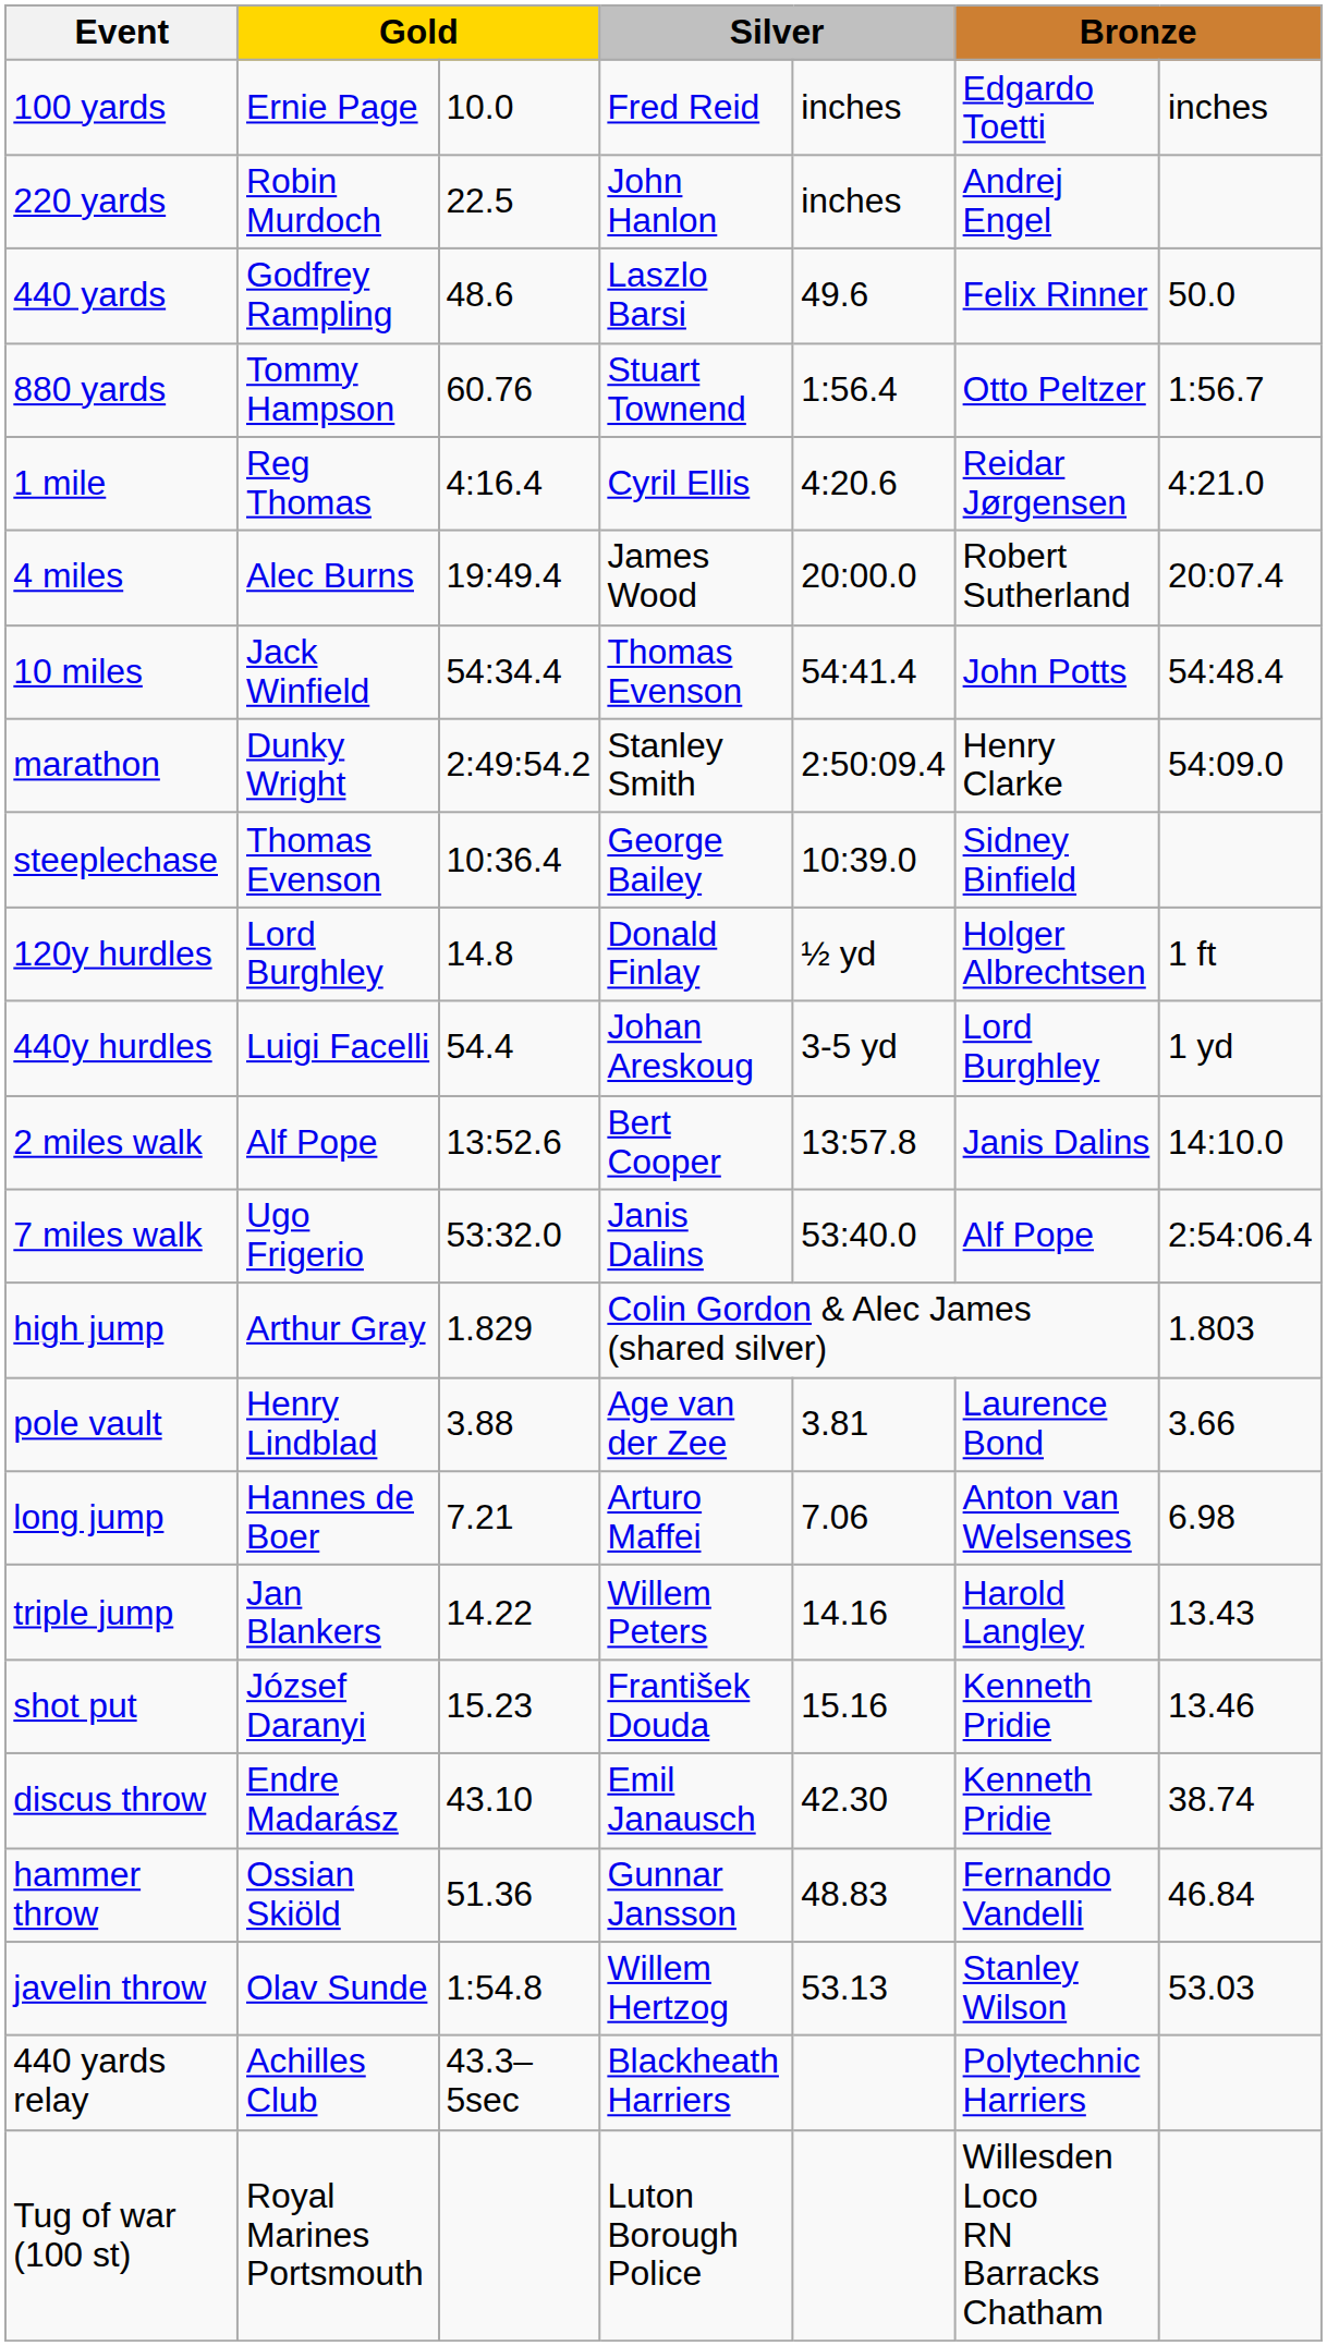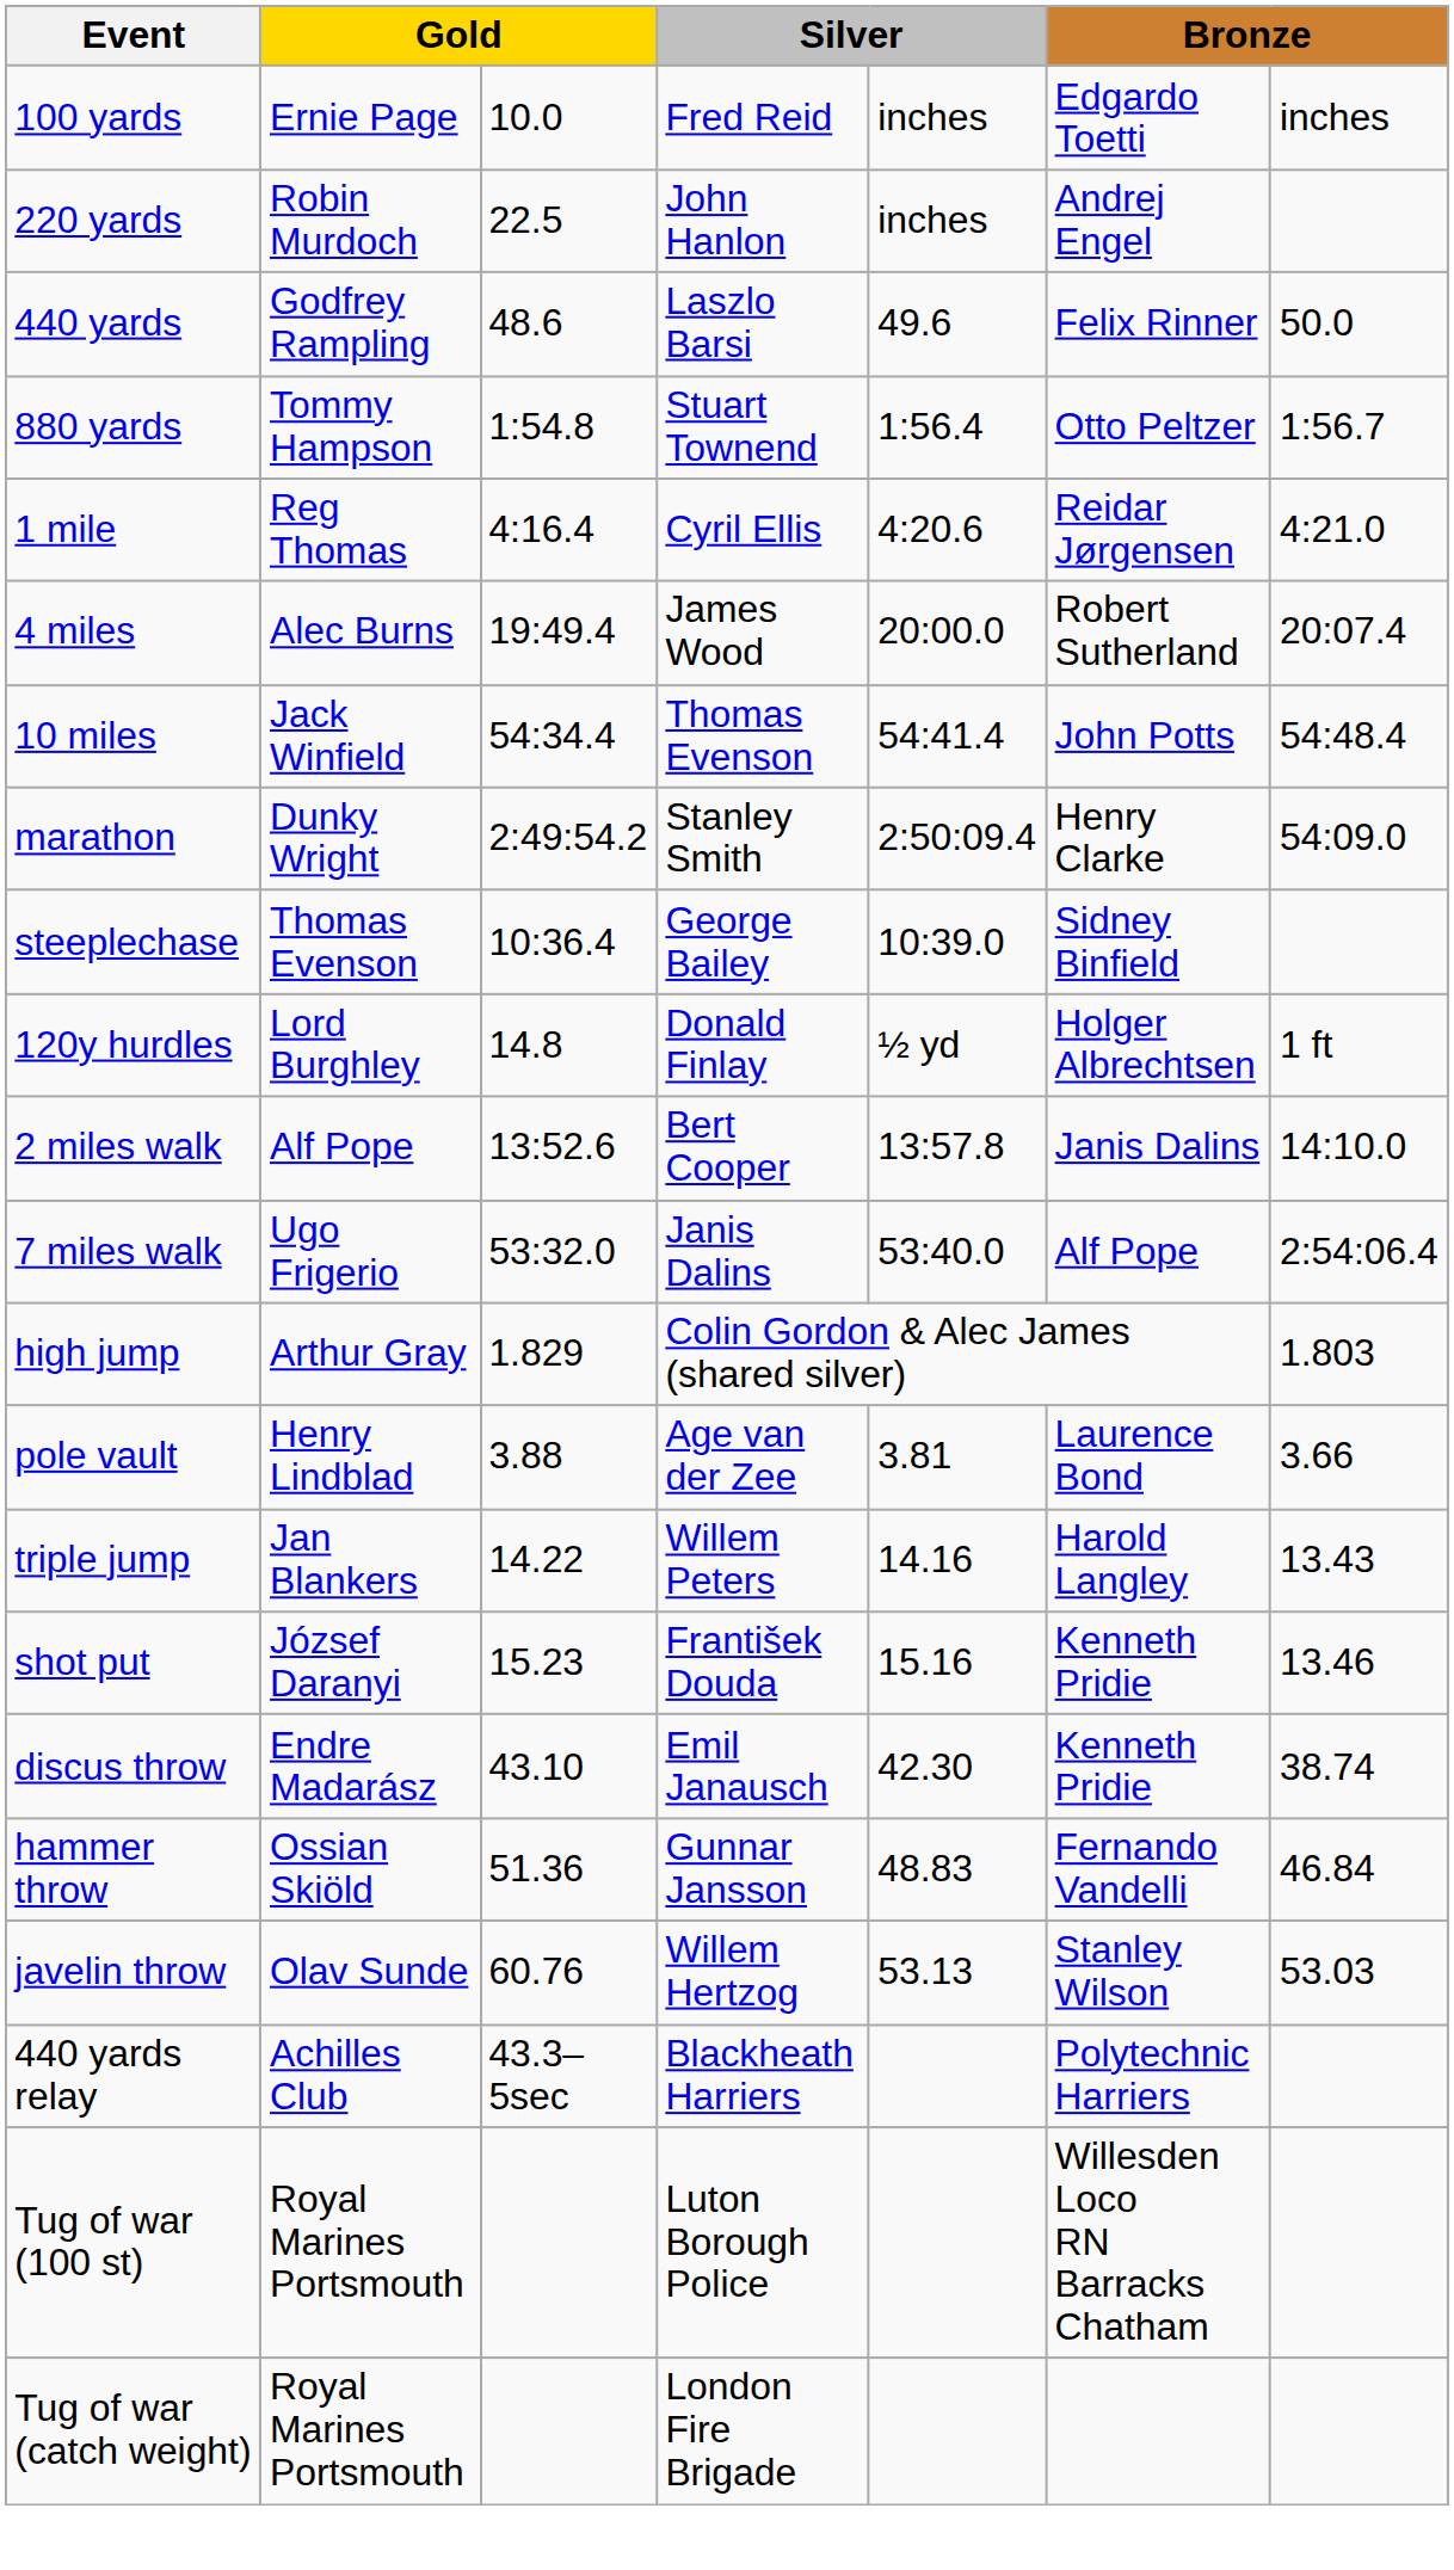 <table class="wikitable" style="text-align:left">
 <tr>
 <th width=100>Event</th>
 <th colspan="2" width="280" style="background:gold;">Gold</th>
 <th colspan="2" width="280" style="background:silver;">Silver</th>
 <th colspan="2" width="280" style="background:#CD7F32;">Bronze</th>
 </tr>
 <tr>
 <td><a href='#'>100 yards</a></td>
 <td><a href='#'>Ernie Page</a></td>
 <td>10.0</td>
 <td> <a href='#'>Fred Reid</a></td>
 <td>inches</td>
 <td> <a href='#'>Edgardo Toetti</a></td>
 <td>inches</td>
 </tr>
 <tr>
 <td><a href='#'>220 yards</a></td>
 <td> <a href='#'>Robin Murdoch</a></td>
 <td>22.5</td>
 <td><a href='#'>John Hanlon</a></td>
 <td>inches</td>
 <td> <a href='#'>Andrej Engel</a></td>
 <td></td>
 </tr>
 <tr>
 <td><a href='#'>440 yards</a></td>
 <td><a href='#'>Godfrey Rampling</a></td>
 <td>48.6</td>
 <td> <a href='#'>Laszlo Barsi</a></td>
 <td>49.6</td>
 <td> <a href='#'>Felix Rinner</a></td>
 <td>50.0</td>
 </tr>
 <tr>
 <td><a href='#'>880 yards</a></td>
 <td><a href='#'>Tommy Hampson</a></td>
-<td>60.76</td>
+<td>1:54.8</td>
 <td><a href='#'>Stuart Townend</a></td>
 <td>1:56.4</td>
 <td> <a href='#'>Otto Peltzer</a></td>
 <td>1:56.7</td>
 </tr>
 <tr>
 <td><a href='#'>1 mile</a></td>
 <td> <a href='#'>Reg Thomas</a></td>
 <td>4:16.4</td>
 <td><a href='#'>Cyril Ellis</a></td>
 <td>4:20.6</td>
 <td> <a href='#'>Reidar Jørgensen</a></td>
 <td>4:21.0</td>
 </tr>
 <tr>
 <td><a href='#'>4 miles</a></td>
 <td><a href='#'>Alec Burns</a></td>
 <td>19:49.4</td>
 <td> James Wood</td>
 <td>20:00.0</td>
 <td> Robert Sutherland</td>
 <td>20:07.4</td>
 </tr>
 <tr>
 <td><a href='#'>10 miles</a></td>
 <td><a href='#'>Jack Winfield</a></td>
 <td>54:34.4</td>
 <td><a href='#'>Thomas Evenson</a></td>
 <td>54:41.4</td>
 <td><a href='#'>John Potts</a></td>
 <td>54:48.4</td>
 </tr>
 <tr>
 <td><a href='#'>marathon</a></td>
 <td> <a href='#'>Dunky Wright</a></td>
 <td>2:49:54.2</td>
 <td>Stanley Smith</td>
 <td>2:50:09.4</td>
 <td>Henry Clarke</td>
 <td>54:09.0</td>
 </tr>
 <tr>
 <td><a href='#'>steeplechase</a></td>
 <td><a href='#'>Thomas Evenson</a></td>
 <td>10:36.4</td>
 <td><a href='#'>George Bailey</a></td>
 <td>10:39.0</td>
 <td><a href='#'>Sidney Binfield</a></td>
 <td></td>
 </tr>
 <tr>
 <td><a href='#'>120y hurdles</a></td>
 <td><a href='#'>Lord Burghley</a></td>
 <td>14.8</td>
 <td><a href='#'>Donald Finlay</a></td>
 <td>½ yd</td>
 <td> <a href='#'>Holger Albrechtsen</a></td>
 <td>1 ft</td>
 </tr>
 <tr>
-<td><a href='#'>440y hurdles</a></td>
-<td> <a href='#'>Luigi Facelli</a></td>
-<td>54.4</td>
-<td> <a href='#'>Johan Areskoug</a></td>
-<td>3-5 yd</td>
-<td><a href='#'>Lord Burghley</a></td>
-<td>1 yd</td>
-</tr>
-<tr>
 <td><a href='#'>2 miles walk</a></td>
 <td><a href='#'>Alf Pope</a></td>
 <td>13:52.6</td>
 <td><a href='#'>Bert Cooper</a></td>
 <td>13:57.8</td>
 <td> <a href='#'>Janis Dalins</a></td>
 <td>14:10.0</td>
 </tr>
 <tr>
 <td><a href='#'>7 miles walk</a></td>
 <td> <a href='#'>Ugo Frigerio</a></td>
 <td>53:32.0</td>
 <td> <a href='#'>Janis Dalins</a></td>
 <td>53:40.0</td>
 <td><a href='#'>Alf Pope</a></td>
 <td>2:54:06.4</td>
 </tr>
 <tr>
 <td><a href='#'>high jump</a></td>
 <td><a href='#'>Arthur Gray</a></td>
 <td>1.829</td>
 <td colspan=3> <a href='#'>Colin Gordon</a> & Alec James (shared silver)</td>
 <td>1.803</td>
 </tr>
 <tr>
 <td><a href='#'>pole vault</a></td>
 <td> <a href='#'>Henry Lindblad</a></td>
 <td>3.88</td>
 <td> <a href='#'>Age van der Zee</a></td>
 <td>3.81</td>
 <td><a href='#'>Laurence Bond</a></td>
 <td>3.66</td>
-</tr>
-<tr>
-<td><a href='#'>long jump</a></td>
-<td> <a href='#'>Hannes de Boer</a></td>
-<td>7.21</td>
-<td> <a href='#'>Arturo Maffei</a></td>
-<td>7.06</td>
-<td> <a href='#'>Anton van Welsenses</a></td>
-<td>6.98</td>
 </tr>
 <tr>
 <td><a href='#'>triple jump</a></td>
 <td> <a href='#'>Jan Blankers</a></td>
 <td>14.22</td>
 <td> <a href='#'>Willem Peters</a></td>
 <td>14.16</td>
 <td><a href='#'>Harold Langley</a></td>
 <td>13.43</td>
 </tr>
 <tr>
 <td><a href='#'>shot put</a></td>
 <td> <a href='#'>József Daranyi</a></td>
 <td>15.23</td>
 <td> <a href='#'>František Douda</a></td>
 <td>15.16</td>
 <td><a href='#'>Kenneth Pridie</a></td>
 <td>13.46</td>
 </tr>
 <tr>
 <td><a href='#'>discus throw</a></td>
 <td> <a href='#'>Endre Madarász</a></td>
 <td>43.10</td>
 <td> <a href='#'>Emil Janausch</a></td>
 <td>42.30</td>
 <td><a href='#'>Kenneth Pridie</a></td>
 <td>38.74</td>
 </tr>
 <tr>
 <td><a href='#'>hammer throw</a></td>
 <td> <a href='#'>Ossian Skiöld</a></td>
 <td>51.36</td>
 <td> <a href='#'>Gunnar Jansson</a></td>
 <td>48.83</td>
 <td> <a href='#'>Fernando Vandelli</a></td>
 <td>46.84</td>
 </tr>
 <tr>
 <td><a href='#'>javelin throw</a></td>
 <td> <a href='#'>Olav Sunde</a></td>
-<td>1:54.8</td>
+<td>60.76</td>
 <td> <a href='#'>Willem Hertzog</a></td>
 <td>53.13</td>
 <td><a href='#'>Stanley Wilson</a></td>
 <td>53.03</td>
 </tr>
 <tr>
 <td>440 yards relay</td>
 <td><a href='#'>Achilles Club</a></td>
 <td>43.3–5sec</td>
 <td><a href='#'>Blackheath Harriers</a></td>
 <td></td>
 <td><a href='#'>Polytechnic Harriers</a></td>
 <td></td>
 </tr>
 <tr>
 <td>Tug of war (100 st)</td>
 <td>Royal Marines Portsmouth</td>
 <td></td>
 <td>Luton Borough Police</td>
 <td></td>
 <td>Willesden Loco<br>RN Barracks Chatham</td>
 <td></td>
 </tr>
+<tr>
+<td>Tug of war (catch weight)</td>
+<td>Royal Marines Portsmouth</td>
+<td></td>
+<td>London Fire Brigade</td>
+<td></td>
+<td></td>
+<td></td>
+</tr>
 </table>
